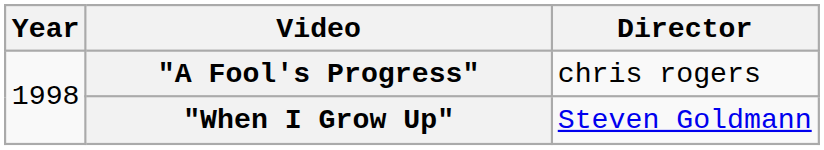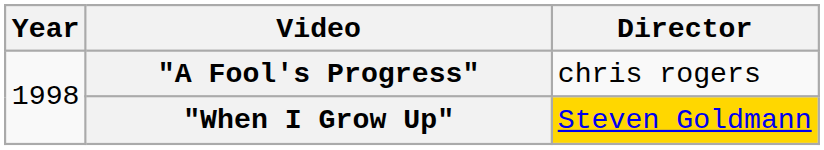 <table class="wikitable plainrowheaders">
 <tr>
 <th>Year</th>
 <th style="width:16em;">Video</th>
 <th>Director</th>
 </tr>
 <tr>
 <td rowspan="2">1998</td>
 <th scope="row">"A Fool's Progress"</th>
 <td>chris rogers</td>
 </tr>
 <tr>
 <th scope="row">"When I Grow Up"</th>
-<td><a href='#'>Steven Goldmann</a></td>
+<td style="background: gold;"><a href='#'>Steven Goldmann</a></td>
 </tr>
 </table>
